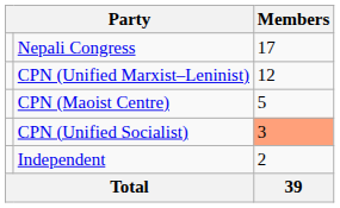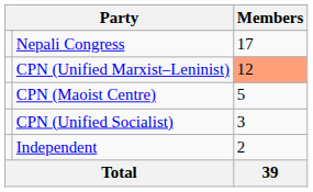 <table class="wikitable">
 <tr>
 <th colspan="2">Party</th>
 <th>Members</th>
 </tr>
 <tr>
 <td style="background-color:"><br></td>
 <td><a href='#'>Nepali Congress</a></td>
 <td>17</td>
 </tr>
 <tr>
 <td style="background-color:"><br></td>
 <td><a href='#'>CPN (Unified Marxist–Leninist)</a></td>
-<td>12</td>
+<td style="background: lightsalmon;">12</td>
 </tr>
 <tr>
 <td style="background-color:"><br></td>
 <td><a href='#'>CPN (Maoist Centre)</a></td>
 <td>5</td>
 </tr>
 <tr>
 <td style="background-color:"><br></td>
 <td><a href='#'>CPN (Unified Socialist)</a></td>
-<td style="background: lightsalmon;">3</td>
+<td>3</td>
 </tr>
 <tr>
 <td style="background-color:"><br></td>
 <td><a href='#'>Independent</a></td>
 <td>2</td>
 </tr>
 <tr>
 <th colspan="2">Total</th>
 <th>39</th>
 </tr>
 </table>
